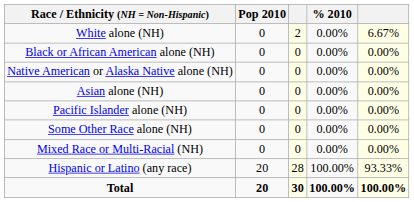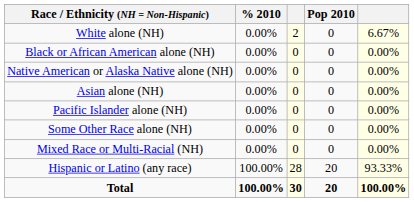 <table class="wikitable" style="text-align:center;">
 <tr>
 <th>Race / Ethnicity <small>(<em>NH = Non-Hispanic</em>)</small></th>
+<th>% 2010</th>
+<th></th>
 <th>Pop 2010</th>
-<th></th>
-<th>% 2010</th>
 <th></th>
 </tr>
 <tr>
 <td><a href='#'>White</a> alone (NH)</td>
+<td>0.00%</td>
+<td style='background: #ffffe6;'>2</td>
 <td>0</td>
-<td style='background: #ffffe6;'>2</td>
-<td>0.00%</td>
 <td style='background: #ffffe6;'>6.67%</td>
 </tr>
 <tr>
 <td><a href='#'>Black or African American</a> alone (NH)</td>
+<td>0.00%</td>
+<td style='background: #ffffe6;'>0</td>
 <td>0</td>
-<td style='background: #ffffe6;'>0</td>
-<td>0.00%</td>
 <td style='background: #ffffe6;'>0.00%</td>
 </tr>
 <tr>
 <td><a href='#'>Native American</a> or <a href='#'>Alaska Native</a> alone (NH)</td>
+<td>0.00%</td>
+<td style='background: #ffffe6;'>0</td>
 <td>0</td>
-<td style='background: #ffffe6;'>0</td>
-<td>0.00%</td>
 <td style='background: #ffffe6;'>0.00%</td>
 </tr>
 <tr>
 <td><a href='#'>Asian</a> alone (NH)</td>
+<td>0.00%</td>
+<td style='background: #ffffe6;'>0</td>
 <td>0</td>
-<td style='background: #ffffe6;'>0</td>
-<td>0.00%</td>
 <td style='background: #ffffe6;'>0.00%</td>
 </tr>
 <tr>
 <td><a href='#'>Pacific Islander</a> alone (NH)</td>
+<td>0.00%</td>
+<td style='background: #ffffe6;'>0</td>
 <td>0</td>
-<td style='background: #ffffe6;'>0</td>
-<td>0.00%</td>
 <td style='background: #ffffe6;'>0.00%</td>
 </tr>
 <tr>
 <td><a href='#'>Some Other Race</a> alone (NH)</td>
+<td>0.00%</td>
+<td style='background: #ffffe6;'>0</td>
 <td>0</td>
-<td style='background: #ffffe6;'>0</td>
-<td>0.00%</td>
 <td style='background: #ffffe6;'>0.00%</td>
 </tr>
 <tr>
 <td><a href='#'>Mixed Race or Multi-Racial</a> (NH)</td>
+<td>0.00%</td>
+<td style='background: #ffffe6;'>0</td>
 <td>0</td>
-<td style='background: #ffffe6;'>0</td>
-<td>0.00%</td>
 <td style='background: #ffffe6;'>0.00%</td>
 </tr>
 <tr>
 <td><a href='#'>Hispanic or Latino</a> (any race)</td>
+<td>100.00%</td>
+<td style='background: #ffffe6;'>28</td>
 <td>20</td>
-<td style='background: #ffffe6;'>28</td>
-<td>100.00%</td>
 <td style='background: #ffffe6;'>93.33%</td>
 </tr>
 <tr>
 <td><strong>Total</strong></td>
+<td><strong>100.00%</strong></td>
+<td style='background: #ffffe6;'><strong>30</strong></td>
 <td><strong>20</strong></td>
-<td style='background: #ffffe6;'><strong>30</strong></td>
-<td><strong>100.00%</strong></td>
 <td style='background: #ffffe6;'><strong>100.00%</strong></td>
 </tr>
 </table>
